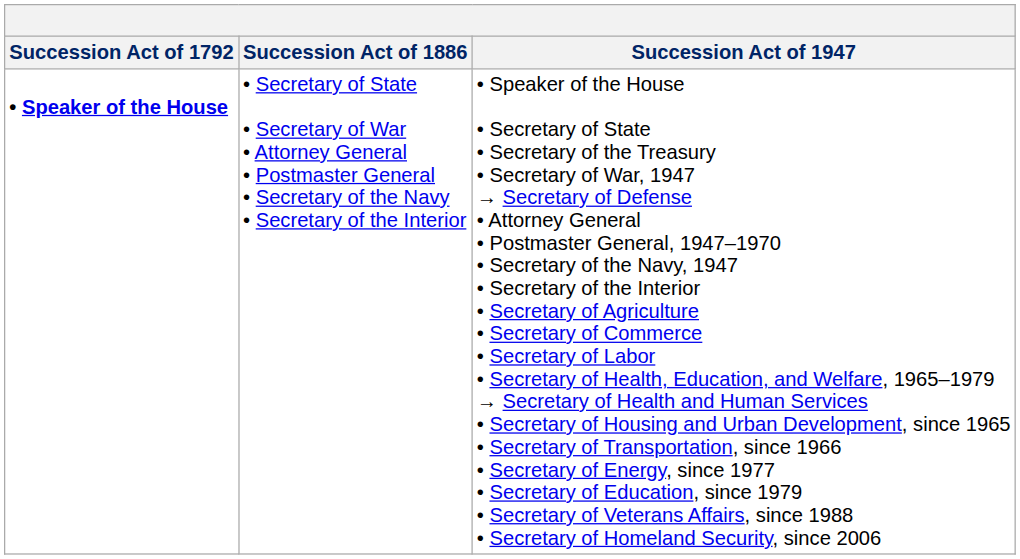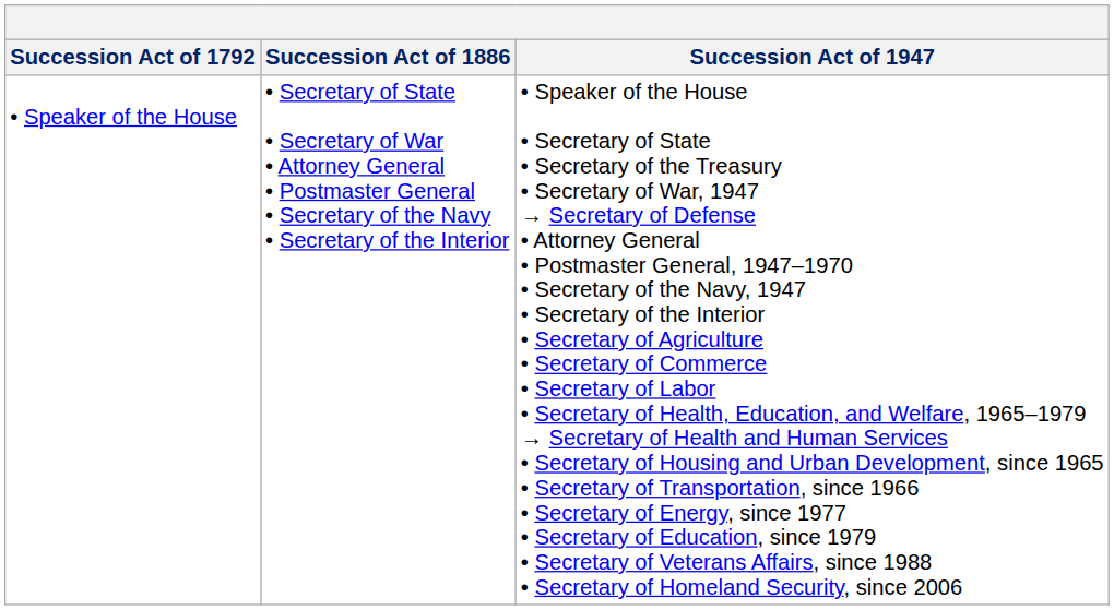 <table class="wikitable">
 <tr>
 <th style="color: #002466;" colspan=3><br></th>
 </tr>
 <tr>
 <th style="color: #002466;">Succession Act of 1792</th>
 <th style="color:#002466">Succession Act of 1886</th>
 <th style="color:#002466;">Succession Act of 1947 </th>
 </tr>
 <tr style="vertical-align: top;">
-<td style="background: white;"><strong><br>• <a href='#'>Speaker of the House</a></strong></td>
+<td style="background: white;"><br>• <a href='#'>Speaker of the House</a></td>
 <td style="background: white;">• <a href='#'>Secretary of State</a><br><br>• <a href='#'>Secretary of War</a><br>• <a href='#'>Attorney General</a><br>• <a href='#'>Postmaster General</a><br>• <a href='#'>Secretary of the Navy</a><br>• <a href='#'>Secretary of the Interior</a></td>
 <td style="background: white;">• Speaker of the House<br><br>• Secretary of State<br>• Secretary of the Treasury<br>• Secretary of War, 1947<br>→ <a href='#'>Secretary of Defense</a><br>• Attorney General<br>• Postmaster General, 1947–1970<br>• Secretary of the Navy, 1947<br>• Secretary of the Interior<br>• <a href='#'>Secretary of Agriculture</a><br>• <a href='#'>Secretary of Commerce</a><br>• <a href='#'>Secretary of Labor</a><br>• <a href='#'>Secretary of Health, Education, and Welfare</a>, 1965–1979<br>→ <a href='#'>Secretary of Health and Human Services</a><br>• <a href='#'>Secretary of Housing and Urban Development</a>, since 1965<br>• <a href='#'>Secretary of Transportation</a>, since 1966<br>• <a href='#'>Secretary of Energy</a>, since 1977<br>• <a href='#'>Secretary of Education</a>, since 1979<br>• <a href='#'>Secretary of Veterans Affairs</a>, since 1988<br>• <a href='#'>Secretary of Homeland Security</a>, since 2006</td>
 </tr>
 </table>
